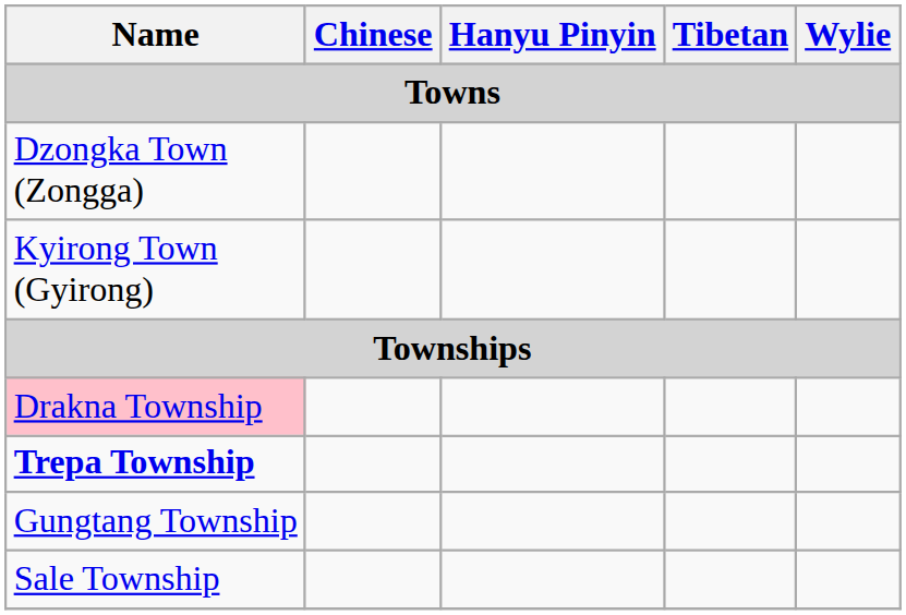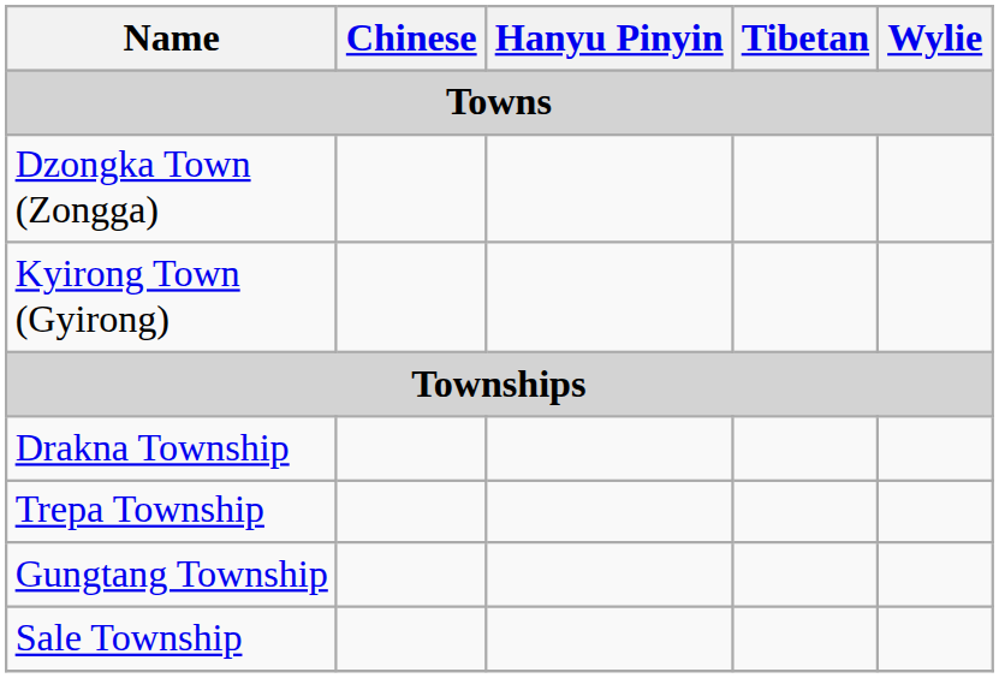 <table class="wikitable"  style="font-size:90%;" align=center>
 <tr>
 <th>Name</th>
 <th><a href='#'>Chinese</a></th>
 <th><a href='#'>Hanyu Pinyin</a></th>
 <th><a href='#'>Tibetan</a></th>
 <th><a href='#'>Wylie</a></th>
 </tr>
 <tr --------->
 <td colspan="7"  style="text-align:center; background:#d3d3d3;"><strong>Towns</strong></td>
 </tr>
 <tr --------->
 <td><a href='#'>Dzongka Town</a><br>(Zongga)</td>
 <td></td>
 <td></td>
 <td></td>
 <td></td>
 </tr>
 <tr>
 <td><a href='#'>Kyirong Town</a><br>(Gyirong)</td>
 <td></td>
 <td></td>
 <td></td>
 <td></td>
 </tr>
 <tr --------->
 <td colspan="7"  style="text-align:center; background:#d3d3d3;"><strong>Townships</strong></td>
 </tr>
 <tr --------->
-<td style="background: pink;"><a href='#'>Drakna Township</a></td>
+<td><a href='#'>Drakna Township</a></td>
 <td></td>
 <td></td>
 <td></td>
 <td></td>
 </tr>
 <tr>
-<td><strong><a href='#'>Trepa Township</a></strong></td>
+<td><a href='#'>Trepa Township</a></td>
 <td></td>
 <td></td>
 <td></td>
 <td></td>
 </tr>
 <tr>
 <td><a href='#'>Gungtang Township</a></td>
 <td></td>
 <td></td>
 <td></td>
 <td></td>
 </tr>
 <tr>
 <td><a href='#'>Sale Township</a></td>
 <td></td>
 <td></td>
 <td></td>
 <td></td>
 </tr>
 <tr>
 </tr>
 </table>
